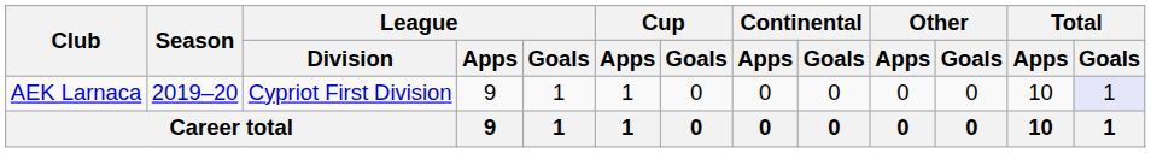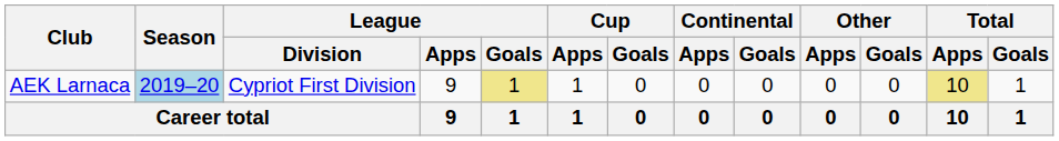 <table class="wikitable" style="text-align: center">
 <tr>
 <th rowspan="2">Club</th>
 <th rowspan="2">Season</th>
 <th colspan="3">League</th>
 <th colspan="2">Cup</th>
 <th colspan="2">Continental</th>
 <th colspan="2">Other</th>
 <th colspan="2">Total</th>
 </tr>
 <tr>
 <th>Division</th>
 <th>Apps</th>
 <th>Goals</th>
 <th>Apps</th>
 <th>Goals</th>
 <th>Apps</th>
 <th>Goals</th>
 <th>Apps</th>
 <th>Goals</th>
 <th>Apps</th>
 <th>Goals</th>
 </tr>
 <tr>
 <td><a href='#'>AEK Larnaca</a></td>
-<td><a href='#'>2019–20</a></td>
+<td style="background: lightblue;"><a href='#'>2019–20</a></td>
 <td><a href='#'>Cypriot First Division</a></td>
 <td>9</td>
-<td>1</td>
+<td style="background: khaki;">1</td>
 <td>1</td>
 <td>0</td>
 <td>0</td>
 <td>0</td>
 <td>0</td>
 <td>0</td>
-<td>10</td>
-<td style="background: lavender;">1</td>
+<td style="background: khaki;">10</td>
+<td>1</td>
 </tr>
 <tr>
 <th colspan=3>Career total</th>
 <th>9</th>
 <th>1</th>
 <th>1</th>
 <th>0</th>
 <th>0</th>
 <th>0</th>
 <th>0</th>
 <th>0</th>
 <th>10</th>
 <th>1</th>
 </tr>
 </table>
